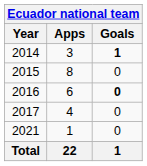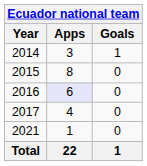 <table class="wikitable" style="text-align:center">
 <tr>
 <th colspan=3><a href='#'>Ecuador national team</a></th>
 </tr>
 <tr>
 <th>Year</th>
 <th>Apps</th>
 <th>Goals</th>
 </tr>
 <tr>
 <td>2014</td>
 <td>3</td>
-<td><strong>1</strong></td>
+<td>1</td>
 </tr>
 <tr>
 <td>2015</td>
 <td>8</td>
 <td>0</td>
 </tr>
 <tr>
 <td>2016</td>
-<td>6</td>
-<td><strong>0</strong></td>
+<td style="background: lavender;">6</td>
+<td>0</td>
 </tr>
 <tr>
 <td>2017</td>
 <td>4</td>
 <td>0</td>
 </tr>
 <tr>
 <td>2021</td>
 <td>1</td>
 <td>0</td>
 </tr>
 <tr>
 <th>Total</th>
 <th>22</th>
 <th>1</th>
 </tr>
 </table>
